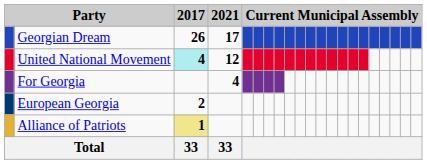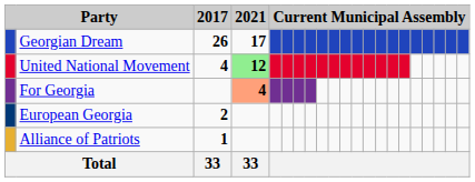 <table class="wikitable">
 <tr>
 <th style="background:#ccc" colspan="2">Party</th>
 <th style="background:#ccc">2017</th>
 <th style="background:#ccc">2021</th>
 <th style="background:#ccc" colspan="45">Current Municipal Assembly</th>
 </tr>
 <tr>
 <td style="background-color: #2044bc"> </td>
 <td><a href='#'>Georgian Dream</a></td>
 <td style="text-align: right"><strong>26</strong></td>
 <td style="text-align: right"><strong>17</strong></td>
 <td style="background-color: #2044bc"> </td>
 <td style="background-color: #2044bc"> </td>
 <td style="background-color: #2044bc"> </td>
 <td style="background-color: #2044bc"> </td>
 <td style="background-color: #2044bc"> </td>
 <td style="background-color: #2044bc"> </td>
 <td style="background-color: #2044bc"> </td>
 <td style="background-color: #2044bc"> </td>
 <td style="background-color: #2044bc"> </td>
 <td style="background-color: #2044bc"> </td>
 <td style="background-color: #2044bc"> </td>
 <td style="background-color: #2044bc"> </td>
 <td style="background-color: #2044bc"> </td>
 <td style="background-color: #2044bc"> </td>
 <td style="background-color: #2044bc"> </td>
 <td style="background-color: #2044bc"> </td>
 <td style="background-color: #2044bc"> </td>
 </tr>
 <tr>
 <td style="background-color: #e4012e"> </td>
 <td><a href='#'>United National Movement</a></td>
-<td style="background: paleturquoise; text-align: right"><strong>4</strong></td>
-<td style="text-align: right"><strong>12</strong></td>
+<td style="text-align: right"><strong>4</strong></td>
+<td style="background: lightgreen; text-align: right"><strong>12</strong></td>
 <td style="background-color: #e4012e"> </td>
 <td style="background-color: #e4012e"> </td>
 <td style="background-color: #e4012e"> </td>
 <td style="background-color: #e4012e"> </td>
 <td style="background-color: #e4012e"> </td>
 <td style="background-color: #e4012e"> </td>
 <td style="background-color: #e4012e"> </td>
 <td style="background-color: #e4012e"> </td>
 <td style="background-color: #e4012e"> </td>
 <td style="background-color: #e4012e"> </td>
 <td style="background-color: #e4012e"> </td>
 <td style="background-color: #e4012e"> </td>
 <td></td>
 <td></td>
 <td></td>
 <td></td>
 <td></td>
 </tr>
 <tr>
 <td style="background-color: #702F92"> </td>
 <td><a href='#'>For Georgia</a></td>
 <td></td>
-<td style="text-align: right"><strong>4</strong></td>
+<td style="background: lightsalmon; text-align: right"><strong>4</strong></td>
 <td style="background-color: #702f92"> </td>
 <td style="background-color: #702f92"> </td>
 <td style="background-color: #702f92"> </td>
 <td style="background-color: #702f92"> </td>
 <td></td>
 <td></td>
 <td></td>
 <td></td>
 <td></td>
 <td></td>
 <td></td>
 <td></td>
 <td></td>
 <td></td>
 <td></td>
 <td></td>
 <td></td>
 </tr>
 <tr>
 <td style="background-color: #003876"> </td>
 <td><a href='#'>European Georgia</a></td>
 <td style="text-align: right"><strong>2</strong></td>
 <td></td>
 <td></td>
 <td></td>
 <td></td>
 <td></td>
 <td></td>
 <td></td>
 <td></td>
 <td></td>
 <td></td>
 <td></td>
 <td></td>
 <td></td>
 <td></td>
 <td></td>
 <td></td>
 <td></td>
 <td></td>
 </tr>
 <tr>
 <td style="background-color: #e7b031"> </td>
 <td><a href='#'>Alliance of Patriots</a></td>
-<td style="background: khaki; text-align: right"><strong>1</strong></td>
+<td style="text-align: right"><strong>1</strong></td>
 <td></td>
 <td></td>
 <td></td>
 <td></td>
 <td></td>
 <td></td>
 <td></td>
 <td></td>
 <td></td>
 <td></td>
 <td></td>
 <td></td>
 <td></td>
 <td></td>
 <td></td>
 <td></td>
 <td></td>
 <td></td>
 </tr>
 <tr>
 <th colspan=2>Total</th>
 <th align=right>33</th>
 <th align=right>33</th>
 <th colspan=45> </th>
 </tr>
 </table>
